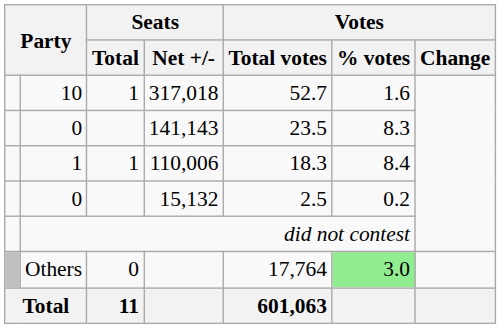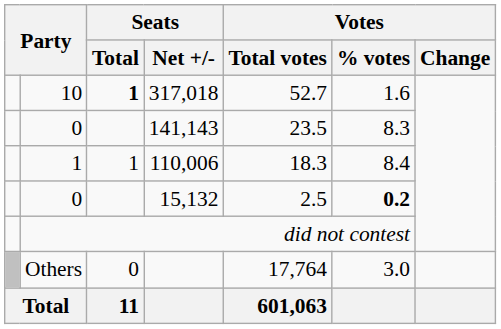 <table class="wikitable" style="text-align:right; font-size:95%;">
 <tr>
 <th colspan="2" rowspan="2">Party</th>
 <th colspan="2">Seats</th>
 <th colspan="3">Votes</th>
 </tr>
 <tr>
 <th>Total</th>
 <th>Net +/-</th>
 <th>Total votes</th>
 <th>% votes</th>
 <th>Change</th>
 </tr>
 <tr>
 <td></td>
 <td>10</td>
-<td>1</td>
+<td><strong>1</strong></td>
 <td>317,018</td>
 <td>52.7</td>
 <td>1.6</td>
 </tr>
 <tr>
 <td></td>
 <td>0</td>
 <td></td>
 <td>141,143</td>
 <td>23.5</td>
 <td>8.3</td>
 </tr>
 <tr>
 <td></td>
 <td>1</td>
 <td>1</td>
 <td>110,006</td>
 <td>18.3</td>
 <td>8.4</td>
 </tr>
 <tr>
 <td></td>
 <td>0</td>
 <td></td>
 <td>15,132</td>
 <td>2.5</td>
-<td>0.2</td>
+<td><strong>0.2</strong></td>
 </tr>
 <tr>
 <td></td>
 <td colspan="5"><em>did not contest</em></td>
 </tr>
 <tr>
 <td style="background:silver;"> </td>
 <td align=left>Others</td>
 <td>0</td>
 <td></td>
 <td>17,764</td>
-<td style="background: lightgreen;">3.0</td>
+<td>3.0</td>
 <td></td>
 </tr>
 <tr>
 <th colspan="2" style="background:#f2f2f2">Total</th>
 <td style="background:#f2f2f2;"><strong>11</strong></td>
 <td style="background:#f2f2f2;"></td>
 <td style="background:#f2f2f2;"><strong>601,063</strong></td>
 <td style="background:#f2f2f2;"></td>
 <td style="background:#f2f2f2;"></td>
 </tr>
 </table>
